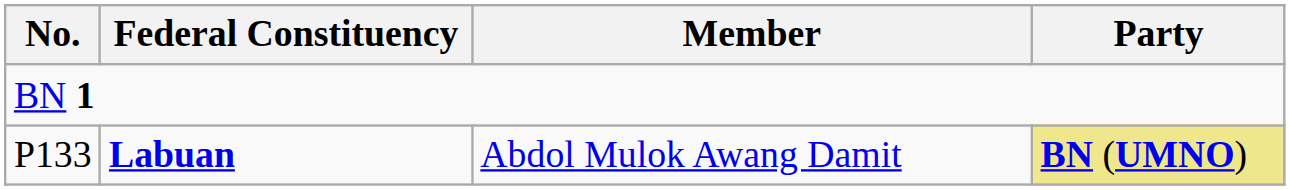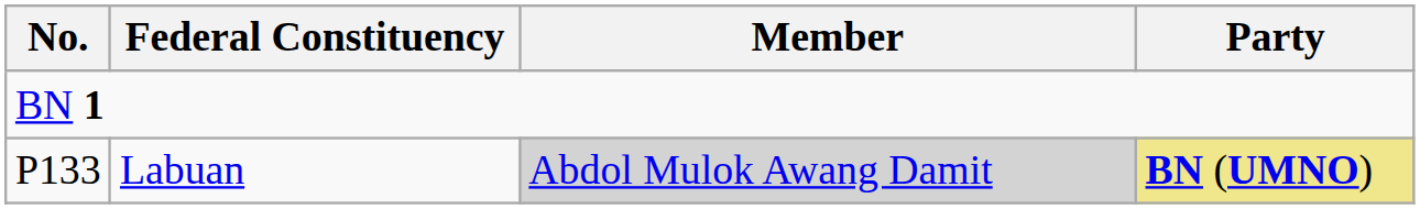 <table class="wikitable sortable">
 <tr>
 <th style="width:30px;">No.</th>
 <th style="width:150px;">Federal Constituency</th>
 <th style="width:230px;">Member</th>
 <th style="width:100px;">Party</th>
 </tr>
 <tr>
 <td colspan="4"><a href='#'>BN</a> <strong>1</strong></td>
 </tr>
 <tr>
 <td>P133</td>
-<td><strong><a href='#'>Labuan</a></strong></td>
-<td><a href='#'>Abdol Mulok Awang Damit</a></td>
+<td><a href='#'>Labuan</a></td>
+<td style="background: lightgrey;"><a href='#'>Abdol Mulok Awang Damit</a></td>
 <td style="background: khaki;"><strong><a href='#'>BN</a></strong> (<strong><a href='#'>UMNO</a></strong>)</td>
 </tr>
 </table>
